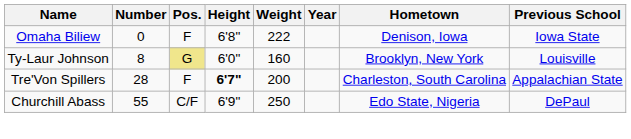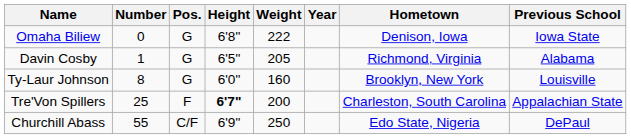 <table class="wikitable sortable" border="1" style="text-align:center;">
 <tr align=center>
 <th>Name</th>
 <th>Number</th>
 <th>Pos.</th>
 <th>Height</th>
 <th>Weight</th>
 <th>Year</th>
 <th>Hometown</th>
 <th>Previous School</th>
 </tr>
 <tr>
 <td><a href='#'>Omaha Biliew</a></td>
 <td>0</td>
-<td>F</td>
+<td>G</td>
 <td>6'8"</td>
 <td>222</td>
 <td></td>
 <td><a href='#'>Denison, Iowa</a></td>
 <td><a href='#'>Iowa State</a></td>
 </tr>
 <tr>
+<td>Davin Cosby</td>
+<td>1</td>
+<td>G</td>
+<td>6'5"</td>
+<td>205</td>
+<td></td>
+<td><a href='#'>Richmond, Virginia</a></td>
+<td><a href='#'>Alabama</a></td>
+</tr>
+<tr>
 <td>Ty-Laur Johnson</td>
 <td>8</td>
-<td style="background: khaki;">G</td>
+<td>G</td>
 <td>6'0"</td>
 <td>160</td>
 <td></td>
 <td><a href='#'>Brooklyn, New York</a></td>
 <td><a href='#'>Louisville</a></td>
 </tr>
 <tr>
 <td>Tre'Von Spillers</td>
-<td>28</td>
+<td>25</td>
 <td>F</td>
 <td><strong>6'7"</strong></td>
 <td>200</td>
 <td></td>
 <td><a href='#'>Charleston, South Carolina</a></td>
 <td><a href='#'>Appalachian State</a></td>
 </tr>
 <tr>
 <td>Churchill Abass</td>
 <td>55</td>
 <td>C/F</td>
 <td>6'9"</td>
 <td>250</td>
 <td></td>
 <td><a href='#'>Edo State, Nigeria</a></td>
 <td><a href='#'>DePaul</a></td>
 </tr>
 </table>
